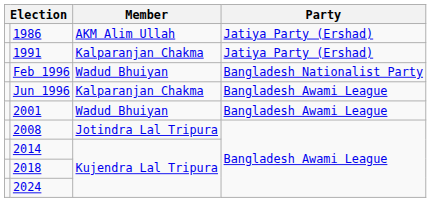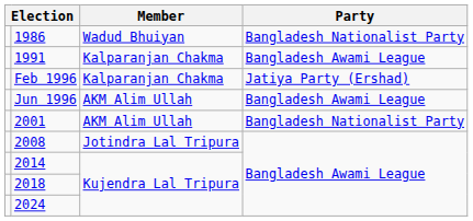 <table class="wikitable">
 <tr>
 <th colspan="2">Election</th>
 <th>Member</th>
 <th>Party</th>
 </tr>
 <tr>
 <td style="background-color: "></td>
 <td><a href='#'>1986</a></td>
-<td><a href='#'>AKM Alim Ullah</a></td>
-<td><a href='#'>Jatiya Party (Ershad)</a></td>
+<td><a href='#'>Wadud Bhuiyan</a></td>
+<td><a href='#'>Bangladesh Nationalist Party</a></td>
 </tr>
 <tr>
 <td style="background-color: "></td>
 <td><a href='#'>1991</a></td>
 <td><a href='#'>Kalparanjan Chakma</a></td>
-<td><a href='#'>Jatiya Party (Ershad)</a></td>
+<td><a href='#'>Bangladesh Awami League</a></td>
 </tr>
 <tr>
 <td style="background-color:"></td>
 <td><a href='#'>Feb 1996</a></td>
-<td><a href='#'>Wadud Bhuiyan</a></td>
-<td><a href='#'>Bangladesh Nationalist Party</a></td>
+<td><a href='#'>Kalparanjan Chakma</a></td>
+<td><a href='#'>Jatiya Party (Ershad)</a></td>
 </tr>
 <tr>
 <td style="background-color: "></td>
 <td><a href='#'>Jun 1996</a></td>
-<td><a href='#'>Kalparanjan Chakma</a></td>
+<td><a href='#'>AKM Alim Ullah</a></td>
 <td><a href='#'>Bangladesh Awami League</a></td>
 </tr>
 <tr>
 <td style="background-color:"></td>
 <td><a href='#'>2001</a></td>
-<td><a href='#'>Wadud Bhuiyan</a></td>
-<td><a href='#'>Bangladesh Awami League</a></td>
+<td><a href='#'>AKM Alim Ullah</a></td>
+<td><a href='#'>Bangladesh Nationalist Party</a></td>
 </tr>
 <tr>
 <td style="background-color: "></td>
 <td><a href='#'>2008</a></td>
 <td><a href='#'>Jotindra Lal Tripura</a></td>
 <td rowspan="4"><a href='#'>Bangladesh Awami League</a></td>
 </tr>
 <tr>
 <td style="background-color: "></td>
 <td><a href='#'>2014</a></td>
 <td rowspan="3"><a href='#'>Kujendra Lal Tripura</a></td>
 </tr>
 <tr>
 <td style="background-color: "></td>
 <td><a href='#'>2018</a></td>
 </tr>
 <tr>
 <td style="background-color: "></td>
 <td><a href='#'>2024</a></td>
 </tr>
 </table>
